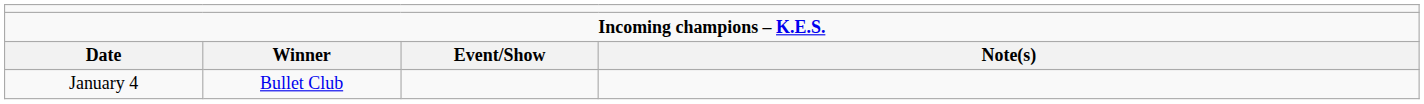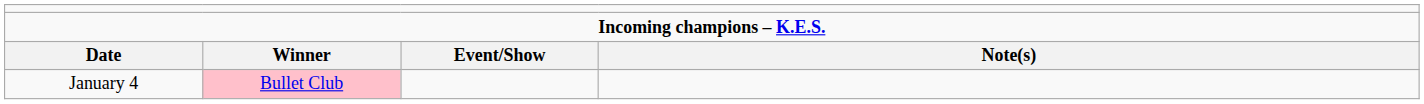 <table class="wikitable" style="text-align:center; width:100%;">
 <tr>
 <td colspan="5"></td>
 </tr>
 <tr>
 <td colspan="5"><strong>Incoming champions – <a href='#'>K.E.S.</a> </strong></td>
 </tr>
 <tr>
 <th width=14%>Date</th>
 <th width=14%>Winner</th>
 <th width=14%>Event/Show</th>
 <th width=58%>Note(s)</th>
 </tr>
 <tr>
 <td>January 4</td>
-<td><a href='#'>Bullet Club</a><br></td>
+<td style="background: pink;"><a href='#'>Bullet Club</a><br></td>
 <td></td>
 <td align=left></td>
 </tr>
 </table>
